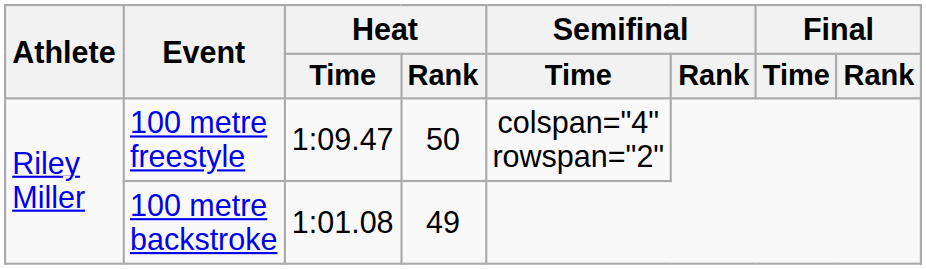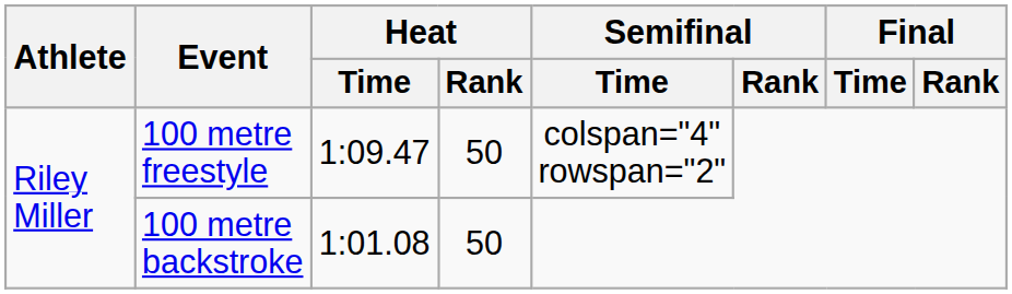 <table class="wikitable" style="text-align:center; font-size:90%; width:50%;">
 <tr>
 <th rowspan="2">Athlete</th>
 <th rowspan="2">Event</th>
 <th colspan="2">Heat</th>
 <th colspan="2">Semifinal</th>
 <th colspan="2">Final</th>
 </tr>
 <tr style="font-size:95%">
 <th>Time</th>
 <th>Rank</th>
 <th>Time</th>
 <th>Rank</th>
 <th>Time</th>
 <th>Rank</th>
 </tr>
 <tr>
 <td align=left rowspan=2><a href='#'>Riley Miller</a></td>
 <td align=left><a href='#'>100 metre freestyle</a></td>
 <td>1:09.47</td>
 <td>50</td>
 <td>colspan="4" rowspan="2" </td>
 </tr>
 <tr>
 <td align=left><a href='#'>100 metre backstroke</a></td>
 <td>1:01.08</td>
-<td>49</td>
+<td>50</td>
 </tr>
 </table>
